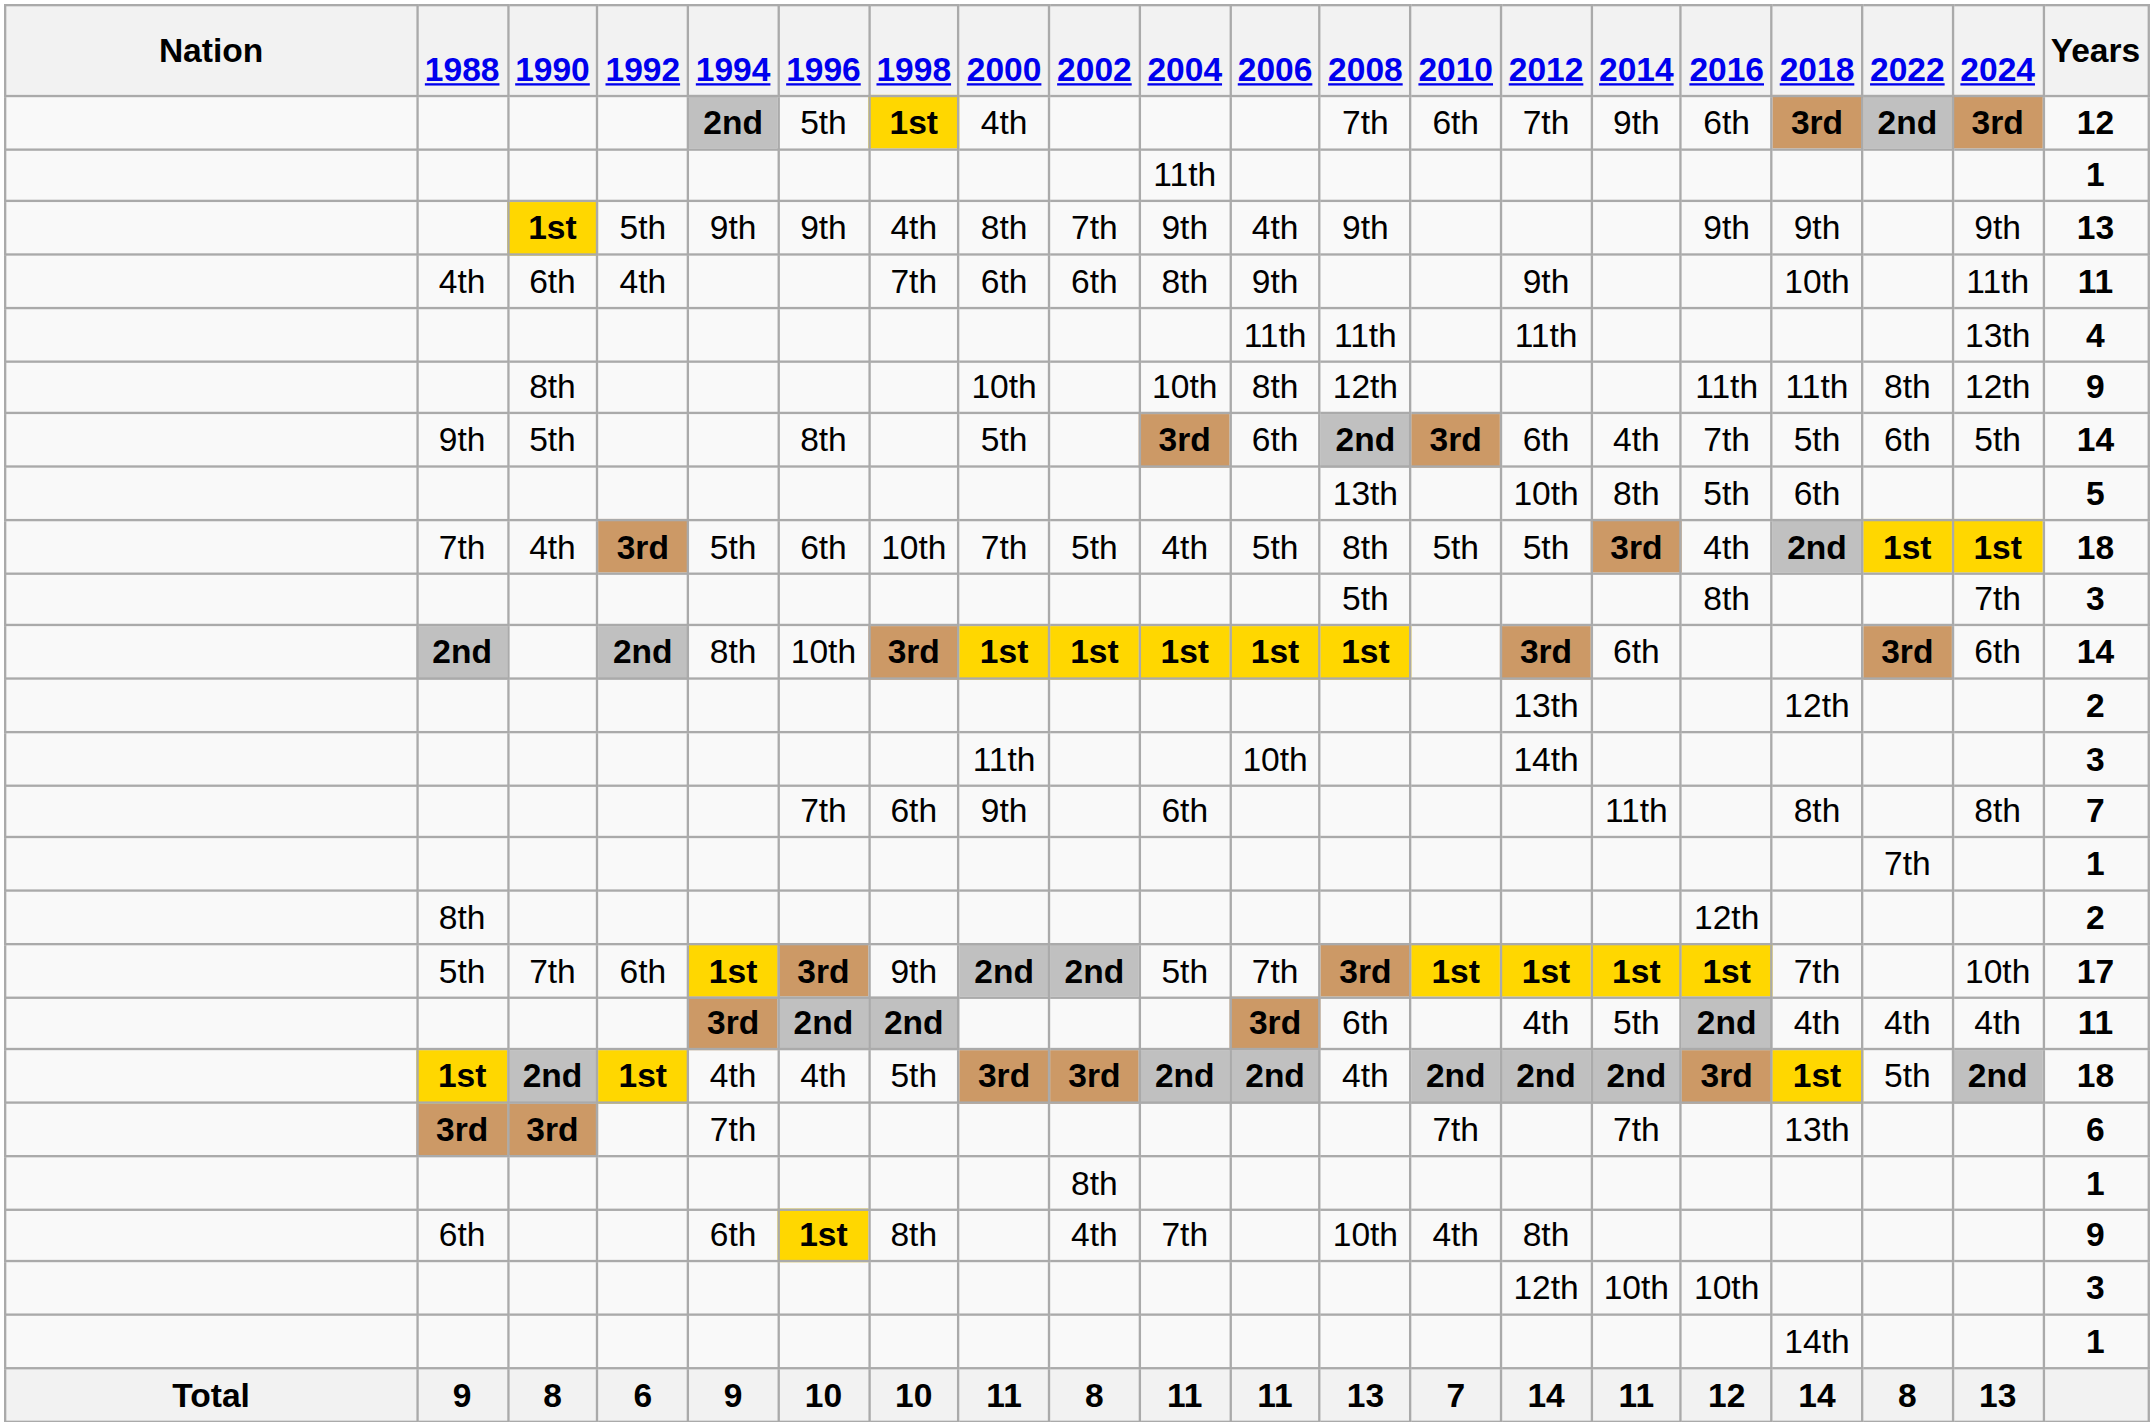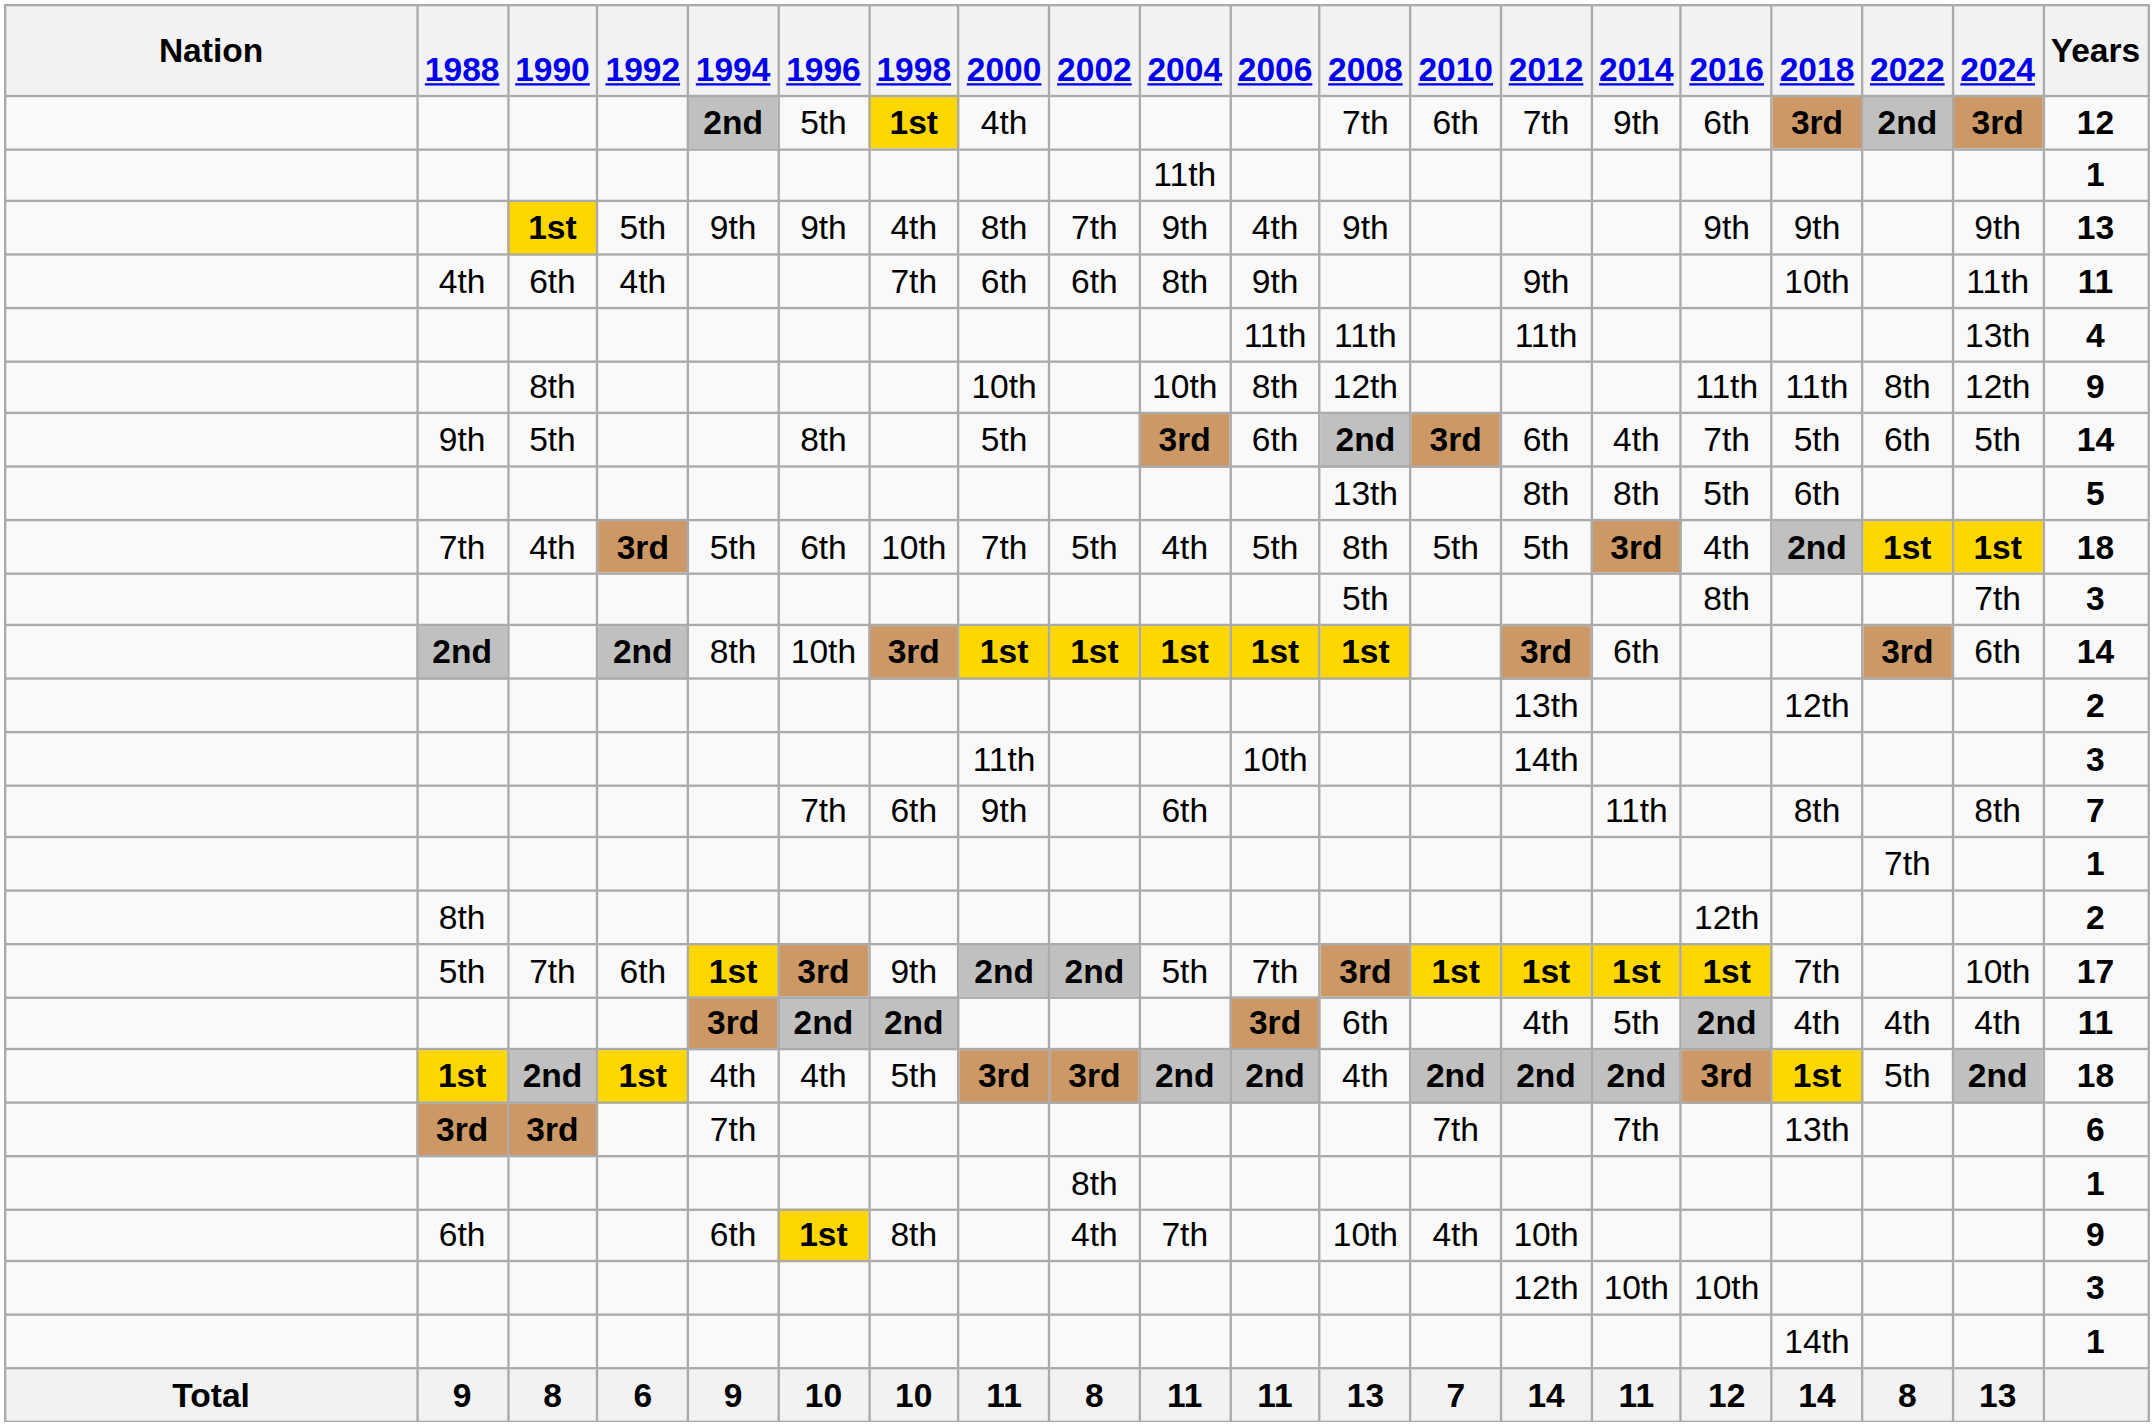 <table class="wikitable" style="text-align:center; font-size:90%">
 <tr>
 <th width=170>Nation</th>
 <th><br><a href='#'>1988</a></th>
 <th><br><a href='#'>1990</a></th>
 <th><br><a href='#'>1992</a></th>
 <th><br><a href='#'>1994</a></th>
 <th><br><a href='#'>1996</a></th>
 <th><br><a href='#'>1998</a></th>
 <th><br><a href='#'>2000</a></th>
 <th><br><a href='#'>2002</a></th>
 <th><br><a href='#'>2004</a></th>
 <th><br><a href='#'>2006</a></th>
 <th><br><a href='#'>2008</a></th>
 <th><br><a href='#'>2010</a></th>
 <th><br><a href='#'>2012</a></th>
 <th><br><a href='#'>2014</a></th>
 <th><br><a href='#'>2016</a></th>
 <th><br><a href='#'>2018</a></th>
 <th><br><a href='#'>2022</a></th>
 <th><br><a href='#'>2024</a></th>
 <th>Years</th>
 </tr>
 <tr>
 <td align=left></td>
 <td></td>
 <td></td>
 <td></td>
 <td bgcolor=silver><strong>2nd</strong></td>
 <td>5th</td>
 <td bgcolor=gold><strong>1st</strong></td>
 <td>4th</td>
 <td></td>
 <td></td>
 <td></td>
 <td>7th</td>
 <td>6th</td>
 <td>7th</td>
 <td>9th</td>
 <td>6th</td>
 <td bgcolor=#cc9966><strong>3rd</strong></td>
 <td bgcolor=silver><strong>2nd</strong></td>
 <td bgcolor=#cc9966><strong>3rd</strong></td>
 <td><strong>12</strong></td>
 </tr>
 <tr>
 <td align=left></td>
 <td></td>
 <td></td>
 <td></td>
 <td></td>
 <td></td>
 <td></td>
 <td></td>
 <td></td>
 <td>11th</td>
 <td></td>
 <td></td>
 <td></td>
 <td></td>
 <td></td>
 <td></td>
 <td></td>
 <td></td>
 <td></td>
 <td><strong>1</strong></td>
 </tr>
 <tr>
 <td align=left></td>
 <td></td>
 <td bgcolor=gold><strong>1st</strong></td>
 <td>5th</td>
 <td>9th</td>
 <td>9th</td>
 <td>4th</td>
 <td>8th</td>
 <td>7th</td>
 <td>9th</td>
 <td>4th</td>
 <td>9th</td>
 <td></td>
 <td></td>
 <td></td>
 <td>9th</td>
 <td>9th</td>
 <td></td>
 <td>9th</td>
 <td><strong>13</strong></td>
 </tr>
 <tr>
 <td align=left></td>
 <td>4th</td>
 <td>6th</td>
 <td>4th</td>
 <td></td>
 <td></td>
 <td>7th</td>
 <td>6th</td>
 <td>6th</td>
 <td>8th</td>
 <td>9th</td>
 <td></td>
 <td></td>
 <td>9th</td>
 <td></td>
 <td></td>
 <td>10th</td>
 <td></td>
 <td>11th</td>
 <td><strong>11</strong></td>
 </tr>
 <tr>
 <td align=left></td>
 <td></td>
 <td></td>
 <td></td>
 <td></td>
 <td></td>
 <td></td>
 <td></td>
 <td></td>
 <td></td>
 <td>11th</td>
 <td>11th</td>
 <td></td>
 <td>11th</td>
 <td></td>
 <td></td>
 <td></td>
 <td></td>
 <td>13th</td>
 <td><strong>4</strong></td>
 </tr>
 <tr>
 <td align=left></td>
 <td></td>
 <td>8th</td>
 <td></td>
 <td></td>
 <td></td>
 <td></td>
 <td>10th</td>
 <td></td>
 <td>10th</td>
 <td>8th</td>
 <td>12th</td>
 <td></td>
 <td></td>
 <td></td>
 <td>11th</td>
 <td>11th</td>
 <td>8th</td>
 <td>12th</td>
 <td><strong>9</strong></td>
 </tr>
 <tr>
 <td align=left></td>
 <td>9th</td>
 <td>5th</td>
 <td></td>
 <td></td>
 <td>8th</td>
 <td></td>
 <td>5th</td>
 <td></td>
 <td bgcolor=#cc9966><strong>3rd</strong></td>
 <td>6th</td>
 <td bgcolor=silver><strong>2nd</strong></td>
 <td bgcolor=#cc9966><strong>3rd</strong></td>
 <td>6th</td>
 <td>4th</td>
 <td>7th</td>
 <td>5th</td>
 <td>6th</td>
 <td>5th</td>
 <td><strong>14</strong></td>
 </tr>
 <tr>
 <td align=left></td>
 <td></td>
 <td></td>
 <td></td>
 <td></td>
 <td></td>
 <td></td>
 <td></td>
 <td></td>
 <td></td>
 <td></td>
 <td>13th</td>
 <td></td>
-<td>10th</td>
+<td>8th</td>
 <td>8th</td>
 <td>5th</td>
 <td>6th</td>
 <td></td>
 <td></td>
 <td><strong>5</strong></td>
 </tr>
 <tr>
 <td align=left></td>
 <td>7th</td>
 <td>4th</td>
 <td bgcolor=#cc9966><strong>3rd</strong></td>
 <td>5th</td>
 <td>6th</td>
 <td>10th</td>
 <td>7th</td>
 <td>5th</td>
 <td>4th</td>
 <td>5th</td>
 <td>8th</td>
 <td>5th</td>
 <td>5th</td>
 <td bgcolor=#cc9966><strong>3rd</strong></td>
 <td>4th</td>
 <td bgcolor=silver><strong>2nd</strong></td>
 <td bgcolor=gold><strong>1st</strong></td>
 <td bgcolor=gold><strong>1st</strong></td>
 <td><strong>18</strong></td>
 </tr>
 <tr>
 <td align=left></td>
 <td></td>
 <td></td>
 <td></td>
 <td></td>
 <td></td>
 <td></td>
 <td></td>
 <td></td>
 <td></td>
 <td></td>
 <td>5th</td>
 <td></td>
 <td></td>
 <td></td>
 <td>8th</td>
 <td></td>
 <td></td>
 <td>7th</td>
 <td><strong>3</strong></td>
 </tr>
 <tr>
 <td align=left></td>
 <td bgcolor=silver><strong>2nd</strong></td>
 <td></td>
 <td bgcolor=silver><strong>2nd</strong></td>
 <td>8th</td>
 <td>10th</td>
 <td bgcolor=#cc9966><strong>3rd</strong></td>
 <td bgcolor=gold><strong>1st</strong></td>
 <td bgcolor=gold><strong>1st</strong></td>
 <td bgcolor=gold><strong>1st</strong></td>
 <td bgcolor=gold><strong>1st</strong></td>
 <td bgcolor=gold><strong>1st</strong></td>
 <td></td>
 <td bgcolor=#cc9966><strong>3rd</strong></td>
 <td>6th</td>
 <td></td>
 <td></td>
 <td bgcolor=#cc9966><strong>3rd</strong></td>
 <td>6th</td>
 <td><strong>14</strong></td>
 </tr>
 <tr>
 <td align=left></td>
 <td></td>
 <td></td>
 <td></td>
 <td></td>
 <td></td>
 <td></td>
 <td></td>
 <td></td>
 <td></td>
 <td></td>
 <td></td>
 <td></td>
 <td>13th</td>
 <td></td>
 <td></td>
 <td>12th</td>
 <td></td>
 <td></td>
 <td><strong>2</strong></td>
 </tr>
 <tr>
 <td align=left></td>
 <td></td>
 <td></td>
 <td></td>
 <td></td>
 <td></td>
 <td></td>
 <td>11th</td>
 <td></td>
 <td></td>
 <td>10th</td>
 <td></td>
 <td></td>
 <td>14th</td>
 <td></td>
 <td></td>
 <td></td>
 <td></td>
 <td></td>
 <td><strong>3</strong></td>
 </tr>
 <tr>
 <td align=left></td>
 <td></td>
 <td></td>
 <td></td>
 <td></td>
 <td>7th</td>
 <td>6th</td>
 <td>9th</td>
 <td></td>
 <td>6th</td>
 <td></td>
 <td></td>
 <td></td>
 <td></td>
 <td>11th</td>
 <td></td>
 <td>8th</td>
 <td></td>
 <td>8th</td>
 <td><strong>7</strong></td>
 </tr>
 <tr>
 <td align=left></td>
 <td></td>
 <td></td>
 <td></td>
 <td></td>
 <td></td>
 <td></td>
 <td></td>
 <td></td>
 <td></td>
 <td></td>
 <td></td>
 <td></td>
 <td></td>
 <td></td>
 <td></td>
 <td></td>
 <td>7th</td>
 <td></td>
 <td><strong>1</strong></td>
 </tr>
 <tr>
 <td align=left></td>
 <td>8th</td>
 <td></td>
 <td></td>
 <td></td>
 <td></td>
 <td></td>
 <td></td>
 <td></td>
 <td></td>
 <td></td>
 <td></td>
 <td></td>
 <td></td>
 <td></td>
 <td>12th</td>
 <td></td>
 <td></td>
 <td></td>
 <td><strong>2</strong></td>
 </tr>
 <tr>
 <td align=left></td>
 <td>5th</td>
 <td>7th</td>
 <td>6th</td>
 <td bgcolor=gold><strong>1st</strong></td>
 <td bgcolor=#cc9966><strong>3rd</strong></td>
 <td>9th</td>
 <td bgcolor=silver><strong>2nd</strong></td>
 <td bgcolor=silver><strong>2nd</strong></td>
 <td>5th</td>
 <td>7th</td>
 <td bgcolor=#cc9966><strong>3rd</strong></td>
 <td bgcolor=gold><strong>1st</strong></td>
 <td bgcolor=gold><strong>1st</strong></td>
 <td bgcolor=gold><strong>1st</strong></td>
 <td bgcolor=gold><strong>1st</strong></td>
 <td>7th</td>
 <td></td>
 <td>10th</td>
 <td><strong>17</strong></td>
 </tr>
 <tr>
 <td align=left></td>
 <td></td>
 <td></td>
 <td></td>
 <td bgcolor=#cc9966><strong>3rd</strong></td>
 <td bgcolor=silver><strong>2nd</strong></td>
 <td bgcolor=silver><strong>2nd</strong></td>
 <td></td>
 <td></td>
 <td></td>
 <td bgcolor=#cc9966><strong>3rd</strong></td>
 <td>6th</td>
 <td></td>
 <td>4th</td>
 <td>5th</td>
 <td bgcolor=silver><strong>2nd</strong></td>
 <td>4th</td>
 <td>4th</td>
 <td>4th</td>
 <td><strong>11</strong></td>
 </tr>
 <tr>
 <td align=left></td>
 <td bgcolor=gold><strong>1st</strong></td>
 <td bgcolor=silver><strong>2nd</strong></td>
 <td bgcolor=gold><strong>1st</strong></td>
 <td>4th</td>
 <td>4th</td>
 <td>5th</td>
 <td bgcolor=#cc9966><strong>3rd</strong></td>
 <td bgcolor=#cc9966><strong>3rd</strong></td>
 <td bgcolor=silver><strong>2nd</strong></td>
 <td bgcolor=silver><strong>2nd</strong></td>
 <td>4th</td>
 <td bgcolor=silver><strong>2nd</strong></td>
 <td bgcolor=silver><strong>2nd</strong></td>
 <td bgcolor=silver><strong>2nd</strong></td>
 <td bgcolor=#cc9966><strong>3rd</strong></td>
 <td bgcolor=gold><strong>1st</strong></td>
 <td>5th</td>
 <td bgcolor=silver><strong>2nd</strong></td>
 <td><strong>18</strong></td>
 </tr>
 <tr>
 <td align=left></td>
 <td bgcolor=#cc9966><strong>3rd</strong></td>
 <td bgcolor=#cc9966><strong>3rd</strong></td>
 <td></td>
 <td>7th</td>
 <td></td>
 <td></td>
 <td></td>
 <td></td>
 <td></td>
 <td></td>
 <td></td>
 <td>7th</td>
 <td></td>
 <td>7th</td>
 <td></td>
 <td>13th</td>
 <td></td>
 <td></td>
 <td><strong>6</strong></td>
 </tr>
 <tr>
 <td align=left></td>
 <td></td>
 <td></td>
 <td></td>
 <td></td>
 <td></td>
 <td></td>
 <td></td>
 <td>8th</td>
 <td></td>
 <td></td>
 <td></td>
 <td></td>
 <td></td>
 <td></td>
 <td></td>
 <td></td>
 <td></td>
 <td></td>
 <td><strong>1</strong></td>
 </tr>
 <tr>
 <td align=left></td>
 <td>6th</td>
 <td></td>
 <td></td>
 <td>6th</td>
 <td bgcolor=gold><strong>1st</strong></td>
 <td>8th</td>
 <td></td>
 <td>4th</td>
 <td>7th</td>
 <td></td>
 <td>10th</td>
 <td>4th</td>
-<td>8th</td>
+<td>10th</td>
 <td></td>
 <td></td>
 <td></td>
 <td></td>
 <td></td>
 <td><strong>9</strong></td>
 </tr>
 <tr>
 <td align=left></td>
 <td></td>
 <td></td>
 <td></td>
 <td></td>
 <td></td>
 <td></td>
 <td></td>
 <td></td>
 <td></td>
 <td></td>
 <td></td>
 <td></td>
 <td>12th</td>
 <td>10th</td>
 <td>10th</td>
 <td></td>
 <td></td>
 <td></td>
 <td><strong>3</strong></td>
 </tr>
 <tr>
 <td align=left></td>
 <td></td>
 <td></td>
 <td></td>
 <td></td>
 <td></td>
 <td></td>
 <td></td>
 <td></td>
 <td></td>
 <td></td>
 <td></td>
 <td></td>
 <td></td>
 <td></td>
 <td></td>
 <td>14th</td>
 <td></td>
 <td></td>
 <td><strong>1</strong></td>
 </tr>
 <tr>
 <th>Total</th>
 <th>9</th>
 <th>8</th>
 <th>6</th>
 <th>9</th>
 <th>10</th>
 <th>10</th>
 <th>11</th>
 <th>8</th>
 <th>11</th>
 <th>11</th>
 <th>13</th>
 <th>7</th>
 <th>14</th>
 <th>11</th>
 <th>12</th>
 <th>14</th>
 <th>8</th>
 <th>13</th>
 <th></th>
 </tr>
 </table>
